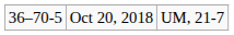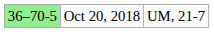 <table class="wikitable">
 <tr align="center">
 </tr>
 <tr align="center">
-<td>36–70-5</td>
+<td style="background: lightgreen;">36–70-5</td>
 <td>Oct 20, 2018</td>
 <td>UM, 21-7</td>
 </tr>
 </table>
